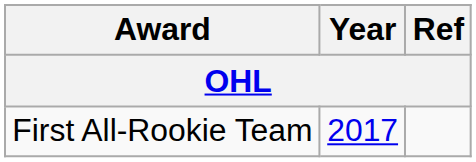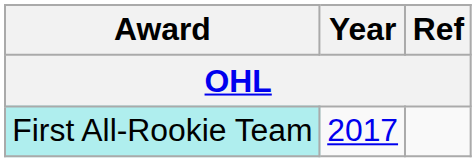 <table class="wikitable">
 <tr>
 <th>Award</th>
 <th>Year</th>
 <th>Ref</th>
 </tr>
 <tr>
 <th colspan="3"><a href='#'>OHL</a></th>
 </tr>
 <tr>
-<td>First All-Rookie Team</td>
+<td style="background: paleturquoise;">First All-Rookie Team</td>
 <td><a href='#'>2017</a></td>
 <td></td>
 </tr>
 </table>
